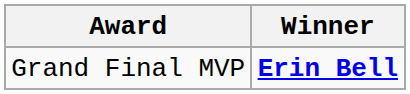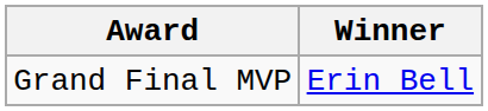 <table class="wikitable collapsible">
 <tr>
 <th>Award</th>
 <th>Winner</th>
 </tr>
 <tr>
 <td>Grand Final MVP</td>
-<td><strong><a href='#'>Erin Bell</a></strong></td>
+<td><a href='#'>Erin Bell</a></td>
 </tr>
 </table>
